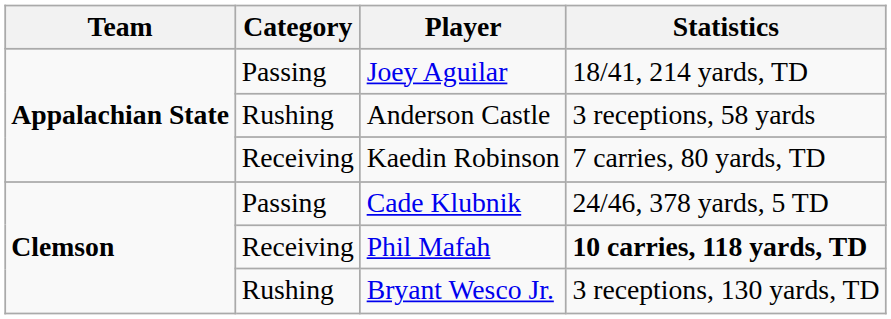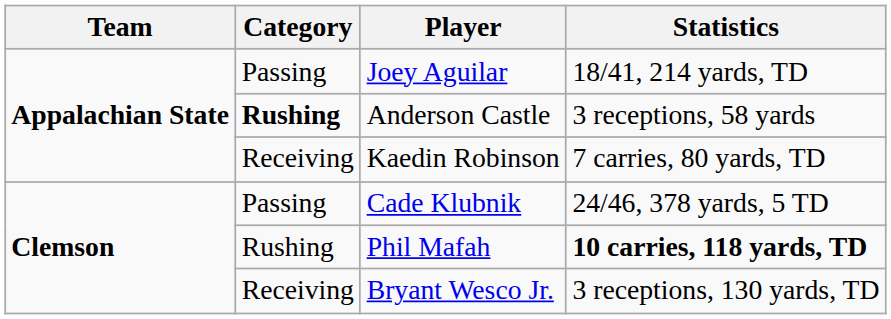 <table class="wikitable" style="float: right;">
 <tr>
 <th>Team</th>
 <th>Category</th>
 <th>Player</th>
 <th>Statistics</th>
 </tr>
 <tr>
 <td rowspan=3><strong>Appalachian State</strong></td>
 <td>Passing</td>
 <td><a href='#'>Joey Aguilar</a></td>
 <td>18/41, 214 yards, TD</td>
 </tr>
 <tr>
-<td>Rushing</td>
+<td><strong>Rushing</strong></td>
 <td>Anderson Castle</td>
 <td>3 receptions, 58 yards</td>
 </tr>
 <tr>
 <td>Receiving</td>
 <td>Kaedin Robinson</td>
 <td>7 carries, 80 yards, TD</td>
 </tr>
 <tr>
 <td rowspan=3><strong>Clemson</strong></td>
 <td>Passing</td>
 <td><a href='#'>Cade Klubnik</a></td>
 <td>24/46, 378 yards, 5 TD</td>
 </tr>
 <tr>
-<td>Receiving</td>
+<td>Rushing</td>
 <td><a href='#'>Phil Mafah</a></td>
 <td><strong>10 carries, 118 yards, TD</strong></td>
 </tr>
 <tr>
-<td>Rushing</td>
+<td>Receiving</td>
 <td><a href='#'>Bryant Wesco Jr.</a></td>
 <td>3 receptions, 130 yards, TD</td>
 </tr>
 </table>
